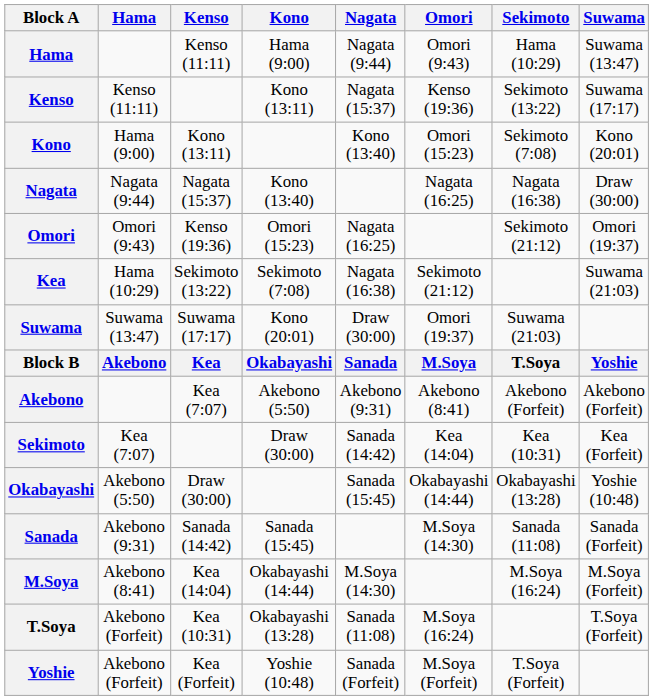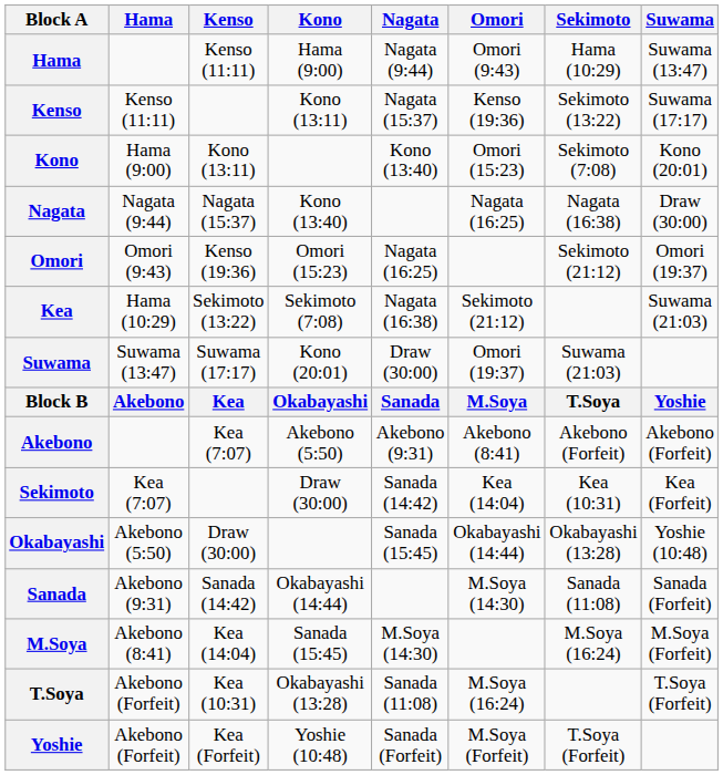 <table class="wikitable" style="margin: 1em auto 1em auto; text-align:center;">
 <tr>
 <th>Block A</th>
 <th><a href='#'>Hama</a></th>
 <th><a href='#'>Kenso</a></th>
 <th><a href='#'>Kono</a></th>
 <th><a href='#'>Nagata</a></th>
 <th><a href='#'>Omori</a></th>
 <th><a href='#'>Sekimoto</a></th>
 <th><a href='#'>Suwama</a></th>
 </tr>
 <tr>
 <th><a href='#'>Hama</a></th>
 <td></td>
 <td>Kenso<br>(11:11)</td>
 <td>Hama<br>(9:00)</td>
 <td>Nagata<br>(9:44)</td>
 <td>Omori<br>(9:43)</td>
 <td>Hama<br>(10:29)</td>
 <td>Suwama<br>(13:47)</td>
 </tr>
 <tr>
 <th><a href='#'>Kenso</a></th>
 <td>Kenso<br>(11:11)</td>
 <td></td>
 <td>Kono<br>(13:11)</td>
 <td>Nagata<br>(15:37)</td>
 <td>Kenso<br>(19:36)</td>
 <td>Sekimoto<br>(13:22)</td>
 <td>Suwama<br>(17:17)</td>
 </tr>
 <tr>
 <th><a href='#'>Kono</a></th>
 <td>Hama<br>(9:00)</td>
 <td>Kono<br>(13:11)</td>
 <td></td>
 <td>Kono<br>(13:40)</td>
 <td>Omori<br>(15:23)</td>
 <td>Sekimoto<br>(7:08)</td>
 <td>Kono<br>(20:01)</td>
 </tr>
 <tr>
 <th><a href='#'>Nagata</a></th>
 <td>Nagata<br>(9:44)</td>
 <td>Nagata<br>(15:37)</td>
 <td>Kono<br>(13:40)</td>
 <td></td>
 <td>Nagata<br>(16:25)</td>
 <td>Nagata<br>(16:38)</td>
 <td>Draw<br>(30:00)</td>
 </tr>
 <tr>
 <th><a href='#'>Omori</a></th>
 <td>Omori<br>(9:43)</td>
 <td>Kenso<br>(19:36)</td>
 <td>Omori<br>(15:23)</td>
 <td>Nagata<br>(16:25)</td>
 <td></td>
 <td>Sekimoto<br>(21:12)</td>
 <td>Omori<br>(19:37)</td>
 </tr>
 <tr>
 <th><a href='#'>Kea</a></th>
 <td>Hama<br>(10:29)</td>
 <td>Sekimoto<br>(13:22)</td>
 <td>Sekimoto<br>(7:08)</td>
 <td>Nagata<br>(16:38)</td>
 <td>Sekimoto<br>(21:12)</td>
 <td></td>
 <td>Suwama<br>(21:03)</td>
 </tr>
 <tr>
 <th><a href='#'>Suwama</a></th>
 <td>Suwama<br>(13:47)</td>
 <td>Suwama<br>(17:17)</td>
 <td>Kono<br>(20:01)</td>
 <td>Draw<br>(30:00)</td>
 <td>Omori<br>(19:37)</td>
 <td>Suwama<br>(21:03)</td>
 <td></td>
 </tr>
 <tr>
 <th>Block B</th>
 <th><a href='#'>Akebono</a></th>
 <th><a href='#'>Kea</a></th>
 <th><a href='#'>Okabayashi</a></th>
 <th><a href='#'>Sanada</a></th>
 <th><a href='#'>M.Soya</a></th>
 <th Takumi Soya>T.Soya</th>
 <th><a href='#'>Yoshie</a></th>
 </tr>
 <tr>
 <th><a href='#'>Akebono</a></th>
 <td></td>
 <td>Kea<br>(7:07)</td>
 <td>Akebono<br>(5:50)</td>
 <td>Akebono<br>(9:31)</td>
 <td>Akebono<br>(8:41)</td>
 <td>Akebono<br>(Forfeit)</td>
 <td>Akebono<br>(Forfeit)</td>
 </tr>
 <tr>
 <th><a href='#'>Sekimoto</a></th>
 <td>Kea<br>(7:07)</td>
 <td></td>
 <td>Draw<br>(30:00)</td>
 <td>Sanada<br>(14:42)</td>
 <td>Kea<br>(14:04)</td>
 <td>Kea<br>(10:31)</td>
 <td>Kea<br>(Forfeit)</td>
 </tr>
 <tr>
 <th><a href='#'>Okabayashi</a></th>
 <td>Akebono<br>(5:50)</td>
 <td>Draw<br>(30:00)</td>
 <td></td>
 <td>Sanada<br>(15:45)</td>
 <td>Okabayashi<br>(14:44)</td>
 <td>Okabayashi<br>(13:28)</td>
 <td>Yoshie<br>(10:48)</td>
 </tr>
 <tr>
 <th><a href='#'>Sanada</a></th>
 <td>Akebono<br>(9:31)</td>
 <td>Sanada<br>(14:42)</td>
-<td>Sanada<br>(15:45)</td>
+<td>Okabayashi<br>(14:44)</td>
 <td></td>
 <td>M.Soya<br>(14:30)</td>
 <td>Sanada<br>(11:08)</td>
 <td>Sanada<br>(Forfeit)</td>
 </tr>
 <tr>
 <th><a href='#'>M.Soya</a></th>
 <td>Akebono<br>(8:41)</td>
 <td>Kea<br>(14:04)</td>
-<td>Okabayashi<br>(14:44)</td>
+<td>Sanada<br>(15:45)</td>
 <td>M.Soya<br>(14:30)</td>
 <td></td>
 <td>M.Soya<br>(16:24)</td>
 <td>M.Soya<br>(Forfeit)</td>
 </tr>
 <tr>
 <th Takumi Soya>T.Soya</th>
 <td>Akebono<br>(Forfeit)</td>
 <td>Kea<br>(10:31)</td>
 <td>Okabayashi<br>(13:28)</td>
 <td>Sanada<br>(11:08)</td>
 <td>M.Soya<br>(16:24)</td>
 <td></td>
 <td>T.Soya<br>(Forfeit)</td>
 </tr>
 <tr>
 <th><a href='#'>Yoshie</a></th>
 <td>Akebono<br>(Forfeit)</td>
 <td>Kea<br>(Forfeit)</td>
 <td>Yoshie<br>(10:48)</td>
 <td>Sanada<br>(Forfeit)</td>
 <td>M.Soya<br>(Forfeit)</td>
 <td>T.Soya<br>(Forfeit)</td>
 <td></td>
 </tr>
 </table>
